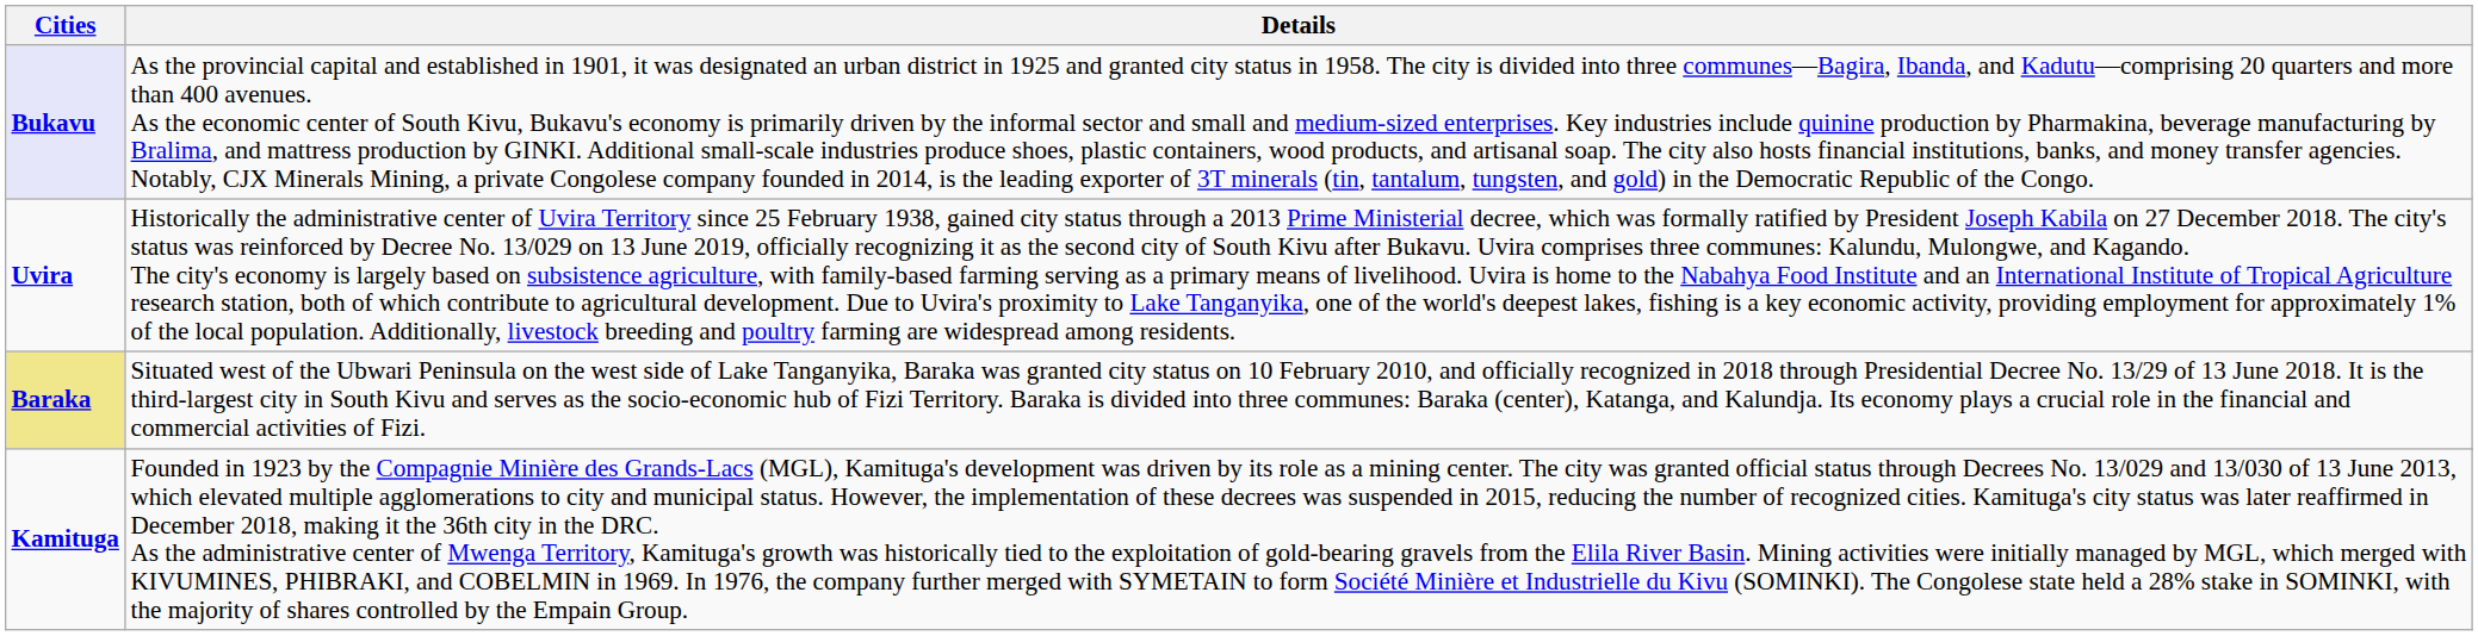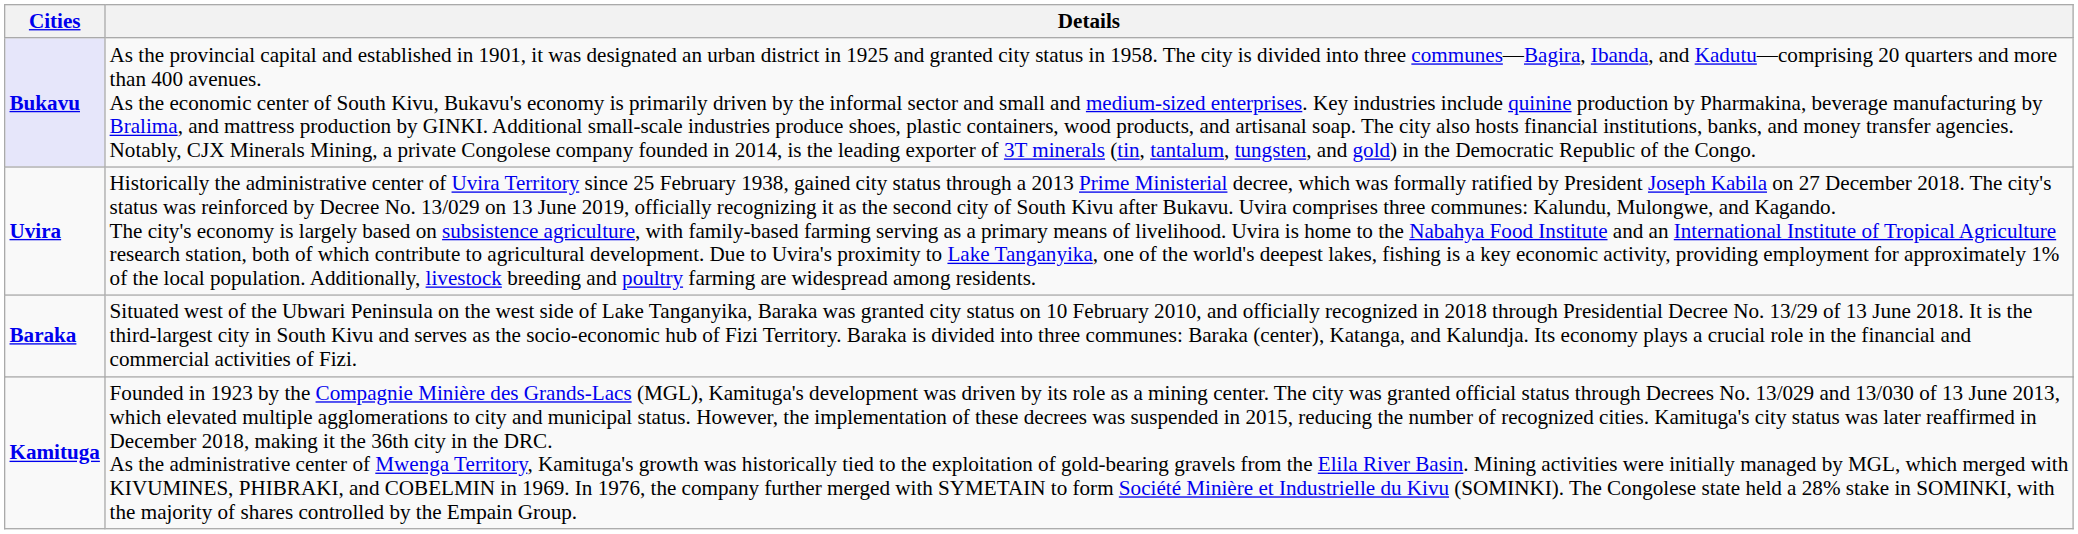 <table class="wikitable">
 <tr>
 <th><a href='#'>Cities</a></th>
 <th>Details</th>
 </tr>
 <tr>
 <td style="background: lavender;"><strong><a href='#'>Bukavu</a></strong></td>
 <td>As the provincial capital and established in 1901, it was designated an urban district in 1925 and granted city status in 1958. The city is divided into three <a href='#'>communes</a>—<a href='#'>Bagira</a>, <a href='#'>Ibanda</a>, and <a href='#'>Kadutu</a>—comprising 20 quarters and more than 400 avenues.<br>As the economic center of South Kivu, Bukavu's economy is primarily driven by the informal sector and small and <a href='#'>medium-sized enterprises</a>. Key industries include <a href='#'>quinine</a> production by Pharmakina, beverage manufacturing by <a href='#'>Bralima</a>, and mattress production by GINKI. Additional small-scale industries produce shoes, plastic containers, wood products, and artisanal soap. The city also hosts financial institutions, banks, and money transfer agencies. Notably, CJX Minerals Mining, a private Congolese company founded in 2014, is the leading exporter of <a href='#'>3T minerals</a> (<a href='#'>tin</a>, <a href='#'>tantalum</a>, <a href='#'>tungsten</a>, and <a href='#'>gold</a>) in the Democratic Republic of the Congo.</td>
 </tr>
 <tr>
 <td><strong><a href='#'>Uvira</a></strong></td>
 <td>Historically the administrative center of <a href='#'>Uvira Territory</a> since 25 February 1938, gained city status through a 2013 <a href='#'>Prime Ministerial</a> decree, which was formally ratified by President <a href='#'>Joseph Kabila</a> on 27 December 2018. The city's status was reinforced by Decree No. 13/029 on 13 June 2019, officially recognizing it as the second city of South Kivu after Bukavu. Uvira comprises three communes: Kalundu, Mulongwe, and Kagando.<br>The city's economy is largely based on <a href='#'>subsistence agriculture</a>, with family-based farming serving as a primary means of livelihood. Uvira is home to the <a href='#'>Nabahya Food Institute</a> and an <a href='#'>International Institute of Tropical Agriculture</a> research station, both of which contribute to agricultural development. Due to Uvira's proximity to <a href='#'>Lake Tanganyika</a>, one of the world's deepest lakes, fishing is a key economic activity, providing employment for approximately 1% of the local population. Additionally, <a href='#'>livestock</a> breeding and <a href='#'>poultry</a> farming are widespread among residents.</td>
 </tr>
 <tr>
-<td style="background: khaki;"><a href='#'><strong>Baraka</strong></a></td>
+<td><a href='#'><strong>Baraka</strong></a></td>
 <td>Situated west of the Ubwari Peninsula on the west side of Lake Tanganyika, Baraka was granted city status on 10 February 2010, and officially recognized in 2018 through Presidential Decree No. 13/29 of 13 June 2018. It is the third-largest city in South Kivu and serves as the socio-economic hub of Fizi Territory. Baraka is divided into three communes: Baraka (center), Katanga, and Kalundja. Its economy plays a crucial role in the financial and commercial activities of Fizi.</td>
 </tr>
 <tr>
 <td rowspan="3"><strong><a href='#'>Kamituga</a></strong></td>
 <td rowspan="3">Founded in 1923 by the <a href='#'>Compagnie Minière des Grands-Lacs</a> (MGL), Kamituga's development was driven by its role as a mining center. The city was granted official status through Decrees No. 13/029 and 13/030 of 13 June 2013, which elevated multiple agglomerations to city and municipal status. However, the implementation of these decrees was suspended in 2015, reducing the number of recognized cities. Kamituga's city status was later reaffirmed in December 2018, making it the 36th city in the DRC.<br>As the administrative center of <a href='#'>Mwenga Territory</a>, Kamituga's growth was historically tied to the exploitation of gold-bearing gravels from the <a href='#'>Elila River Basin</a>. Mining activities were initially managed by MGL, which merged with KIVUMINES, PHIBRAKI, and COBELMIN in 1969. In 1976, the company further merged with SYMETAIN to form <a href='#'>Société Minière et Industrielle du Kivu</a> (SOMINKI). The Congolese state held a 28% stake in SOMINKI, with the majority of shares controlled by the Empain Group.</td>
 </tr>
 <tr>
 </tr>
 <tr>
 </tr>
 </table>
